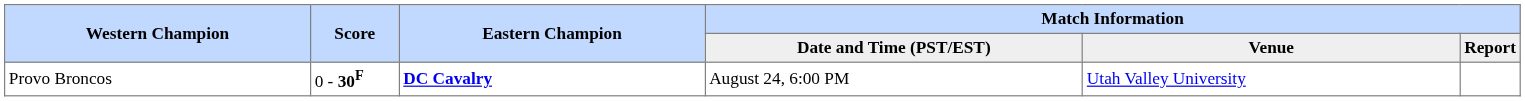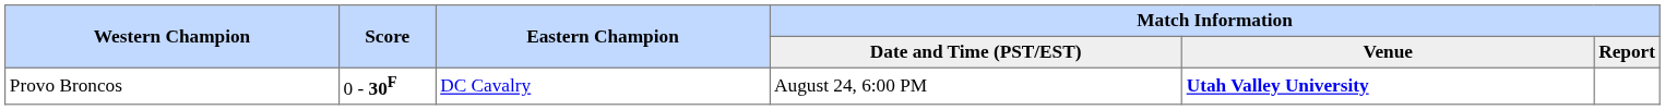 <table border="1" cellpadding="3" cellspacing="0" style="border-collapse:collapse; font-size:90%; width:100%">
 <tr style="background:#c1d8ff;">
 <th rowspan="2" style="width:21%;">Western Champion</th>
 <th rowspan="2" style="width:6%;">Score</th>
 <th rowspan="2" style="width:21%;">Eastern Champion</th>
 <th colspan="3">Match Information</th>
 </tr>
 <tr style="background:#efefef;">
 <th width="26%">Date and Time (PST/EST)</th>
 <th width="26%">Venue</th>
 <th>Report</th>
 </tr>
 <tr>
 <td> Provo Broncos</td>
 <td>0 - <strong>30<sup>F</sup></strong></td>
-<td><strong> <a href='#'>DC Cavalry</a></strong></td>
+<td> <a href='#'>DC Cavalry</a></td>
 <td>August 24, 6:00 PM</td>
-<td><a href='#'>Utah Valley University</a></td>
+<td><strong><a href='#'>Utah Valley University</a></strong></td>
 <th></th>
 </tr>
 </table>
